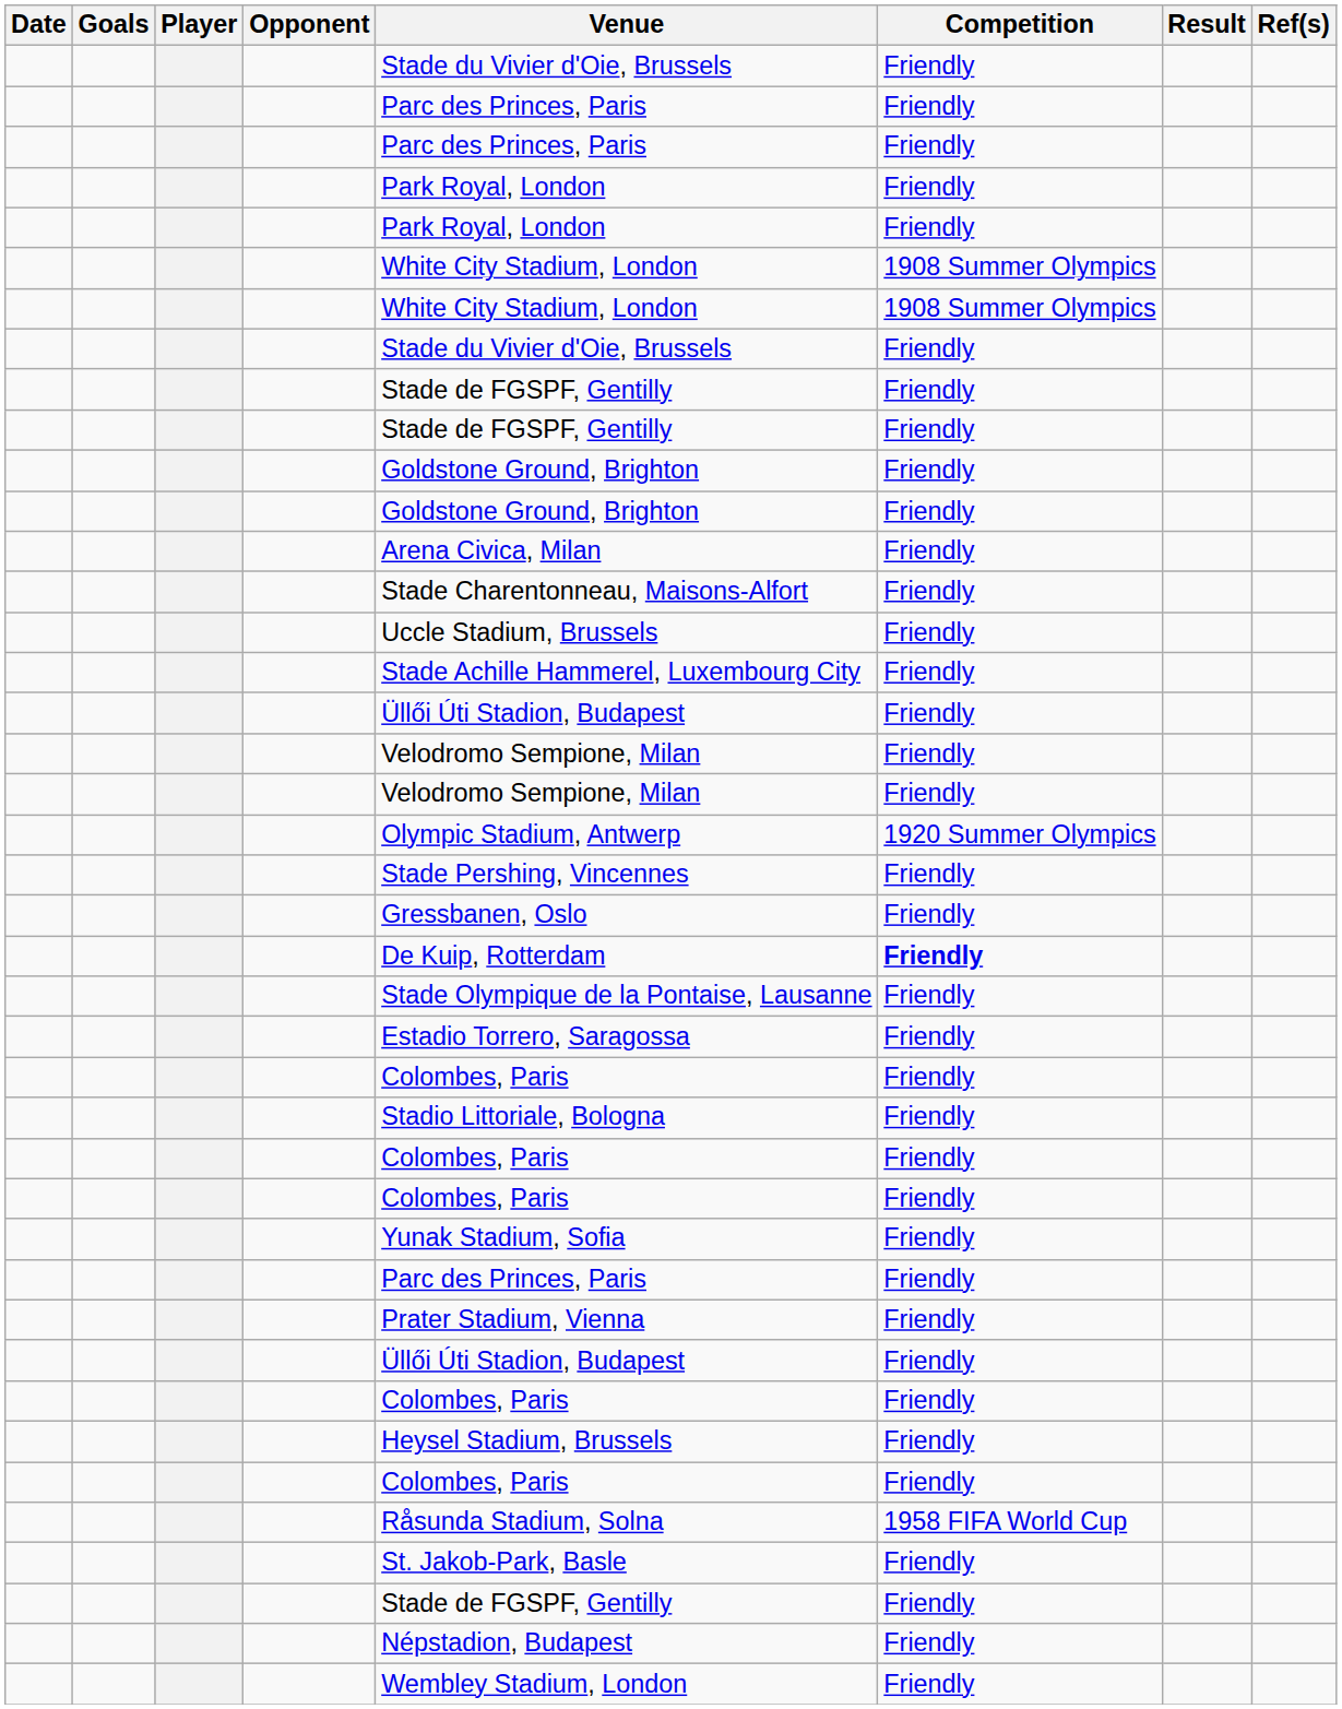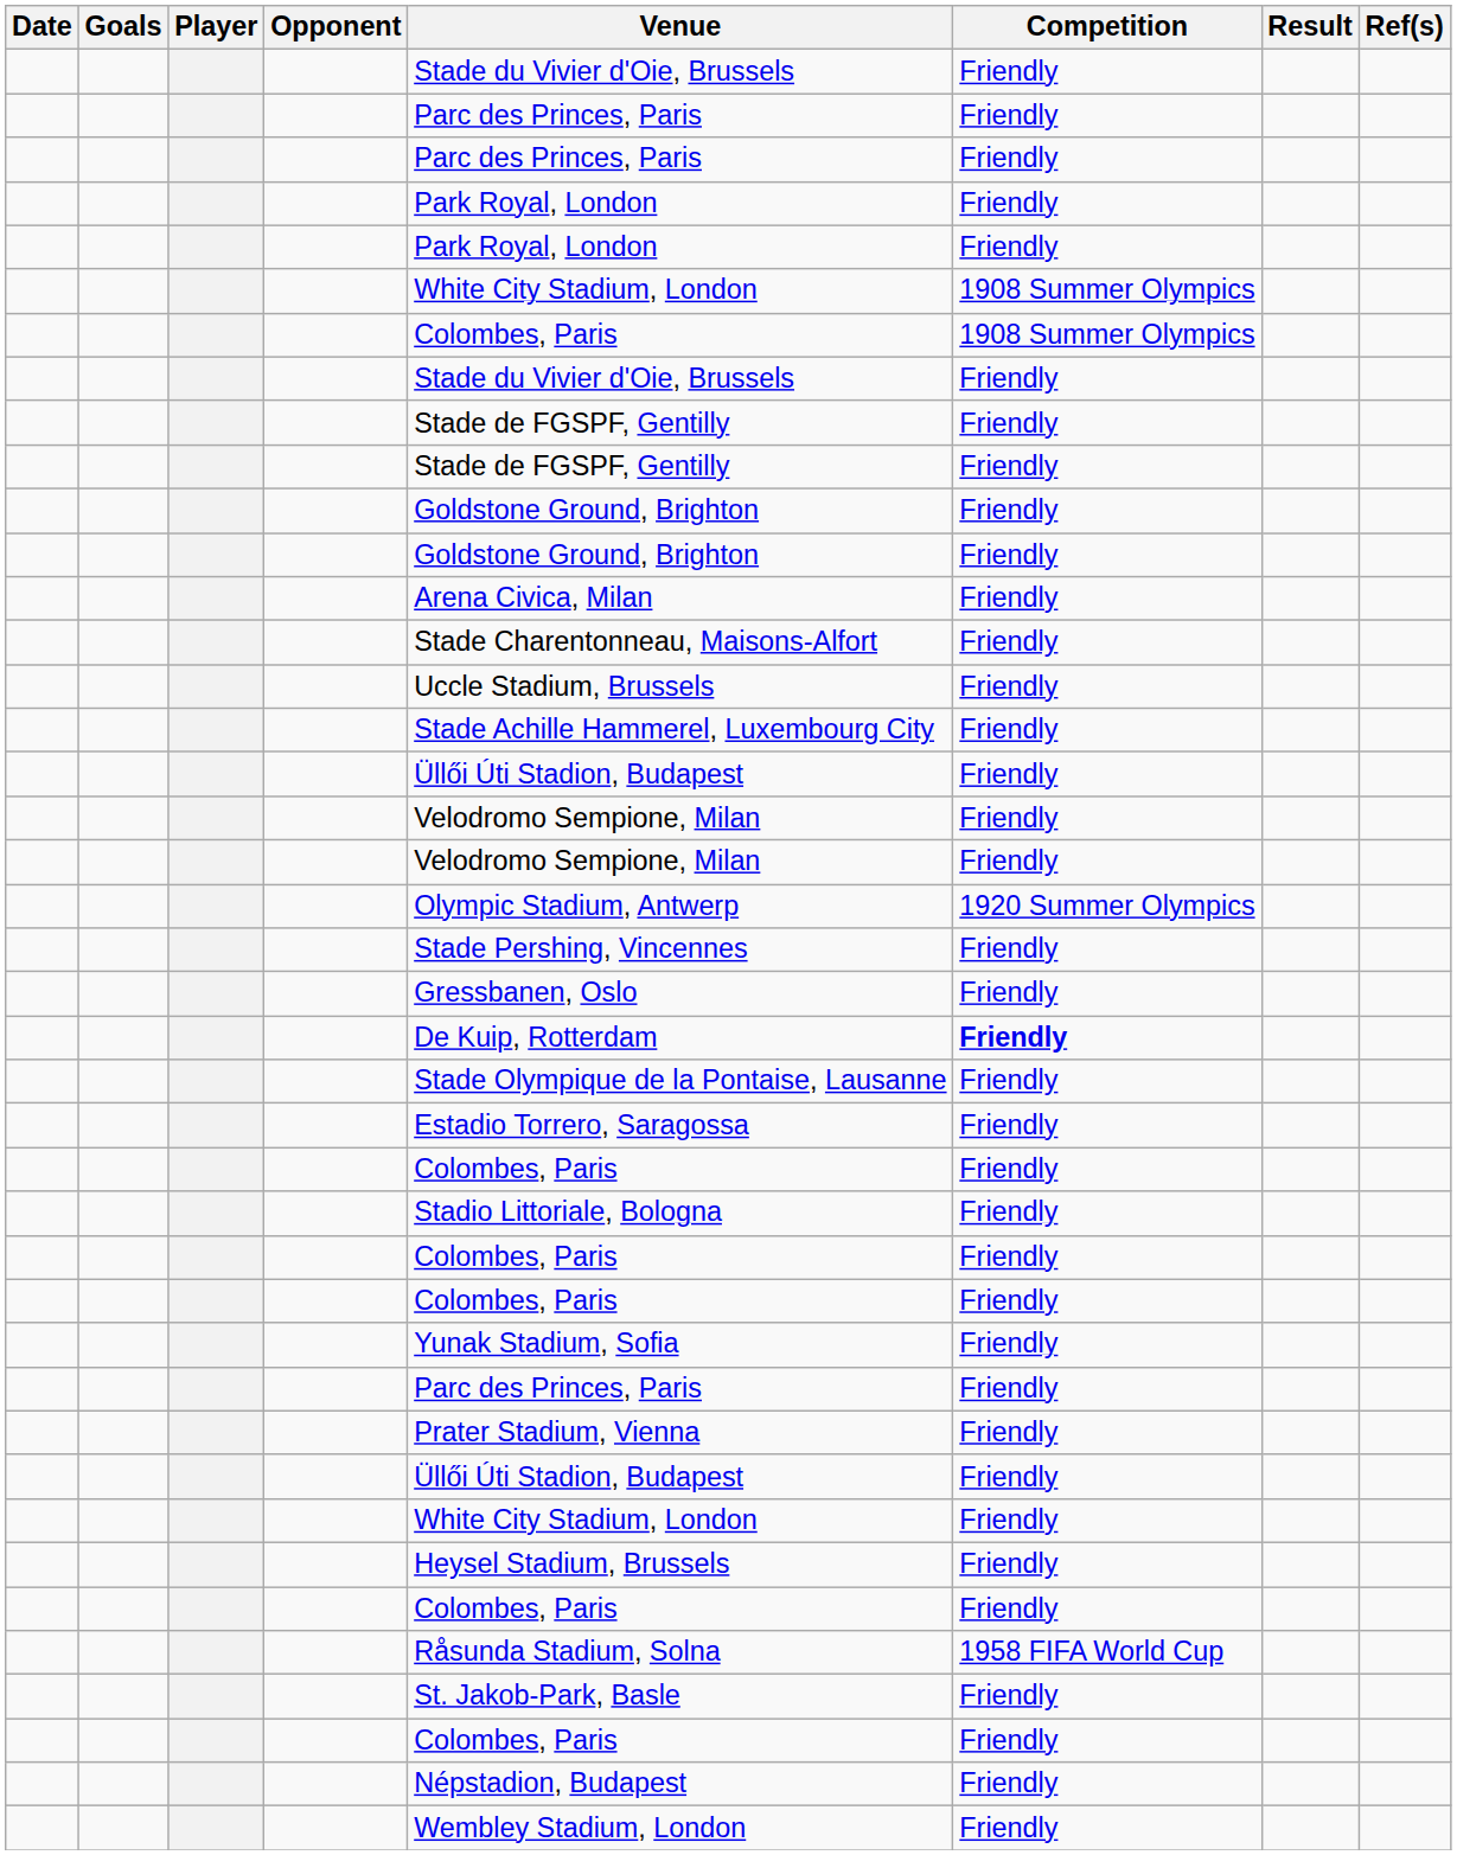 <table class="wikitable plainrowheaders sortable">
 <tr>
 <th scope="col">Date</th>
 <th scope="col">Goals</th>
 <th scope="col">Player</th>
 <th scope="col">Opponent</th>
 <th scope="col">Venue</th>
 <th scope="col">Competition</th>
 <th scope="col">Result </th>
 <th scope="col" class="unsortable">Ref(s)</th>
 </tr>
 <tr>
 <td></td>
 <td></td>
 <th scope="row"></th>
 <td></td>
 <td><a href='#'>Stade du Vivier d'Oie</a>, <a href='#'>Brussels</a></td>
 <td><a href='#'>Friendly</a></td>
 <td data-sort-value="00"></td>
 <td></td>
 </tr>
 <tr>
 <td></td>
 <td></td>
 <th scope="row"></th>
 <td></td>
 <td><a href='#'>Parc des Princes</a>, <a href='#'>Paris</a></td>
 <td><a href='#'>Friendly</a></td>
 <td data-sort-value="00.915"></td>
 <td></td>
 </tr>
 <tr>
 <td></td>
 <td></td>
 <th scope="row"></th>
 <td></td>
 <td><a href='#'>Parc des Princes</a>, <a href='#'>Paris</a></td>
 <td><a href='#'>Friendly</a></td>
 <td data-sort-value="00.915"></td>
 <td></td>
 </tr>
 <tr>
 <td></td>
 <td></td>
 <th scope="row"></th>
 <td></td>
 <td><a href='#'>Park Royal</a>, <a href='#'>London</a></td>
 <td><a href='#'>Friendly</a></td>
 <td data-sort-value="00.912"></td>
 <td></td>
 </tr>
 <tr>
 <td></td>
 <td></td>
 <th scope="row"></th>
 <td></td>
 <td><a href='#'>Park Royal</a>, <a href='#'>London</a></td>
 <td><a href='#'>Friendly</a></td>
 <td data-sort-value="00.912"></td>
 <td></td>
 </tr>
 <tr>
 <td></td>
 <td></td>
 <th scope="row"></th>
 <td></td>
 <td><a href='#'>White City Stadium</a>, <a href='#'>London</a></td>
 <td><a href='#'>1908 Summer Olympics</a></td>
 <td data-sort-value="01.917"></td>
 <td></td>
 </tr>
 <tr>
 <td></td>
 <td></td>
 <th scope="row"></th>
 <td></td>
-<td><a href='#'>White City Stadium</a>, <a href='#'>London</a></td>
+<td><a href='#'>Colombes</a>, <a href='#'>Paris</a></td>
 <td><a href='#'>1908 Summer Olympics</a></td>
 <td data-sort-value="01.917"></td>
 <td></td>
 </tr>
 <tr>
 <td></td>
 <td></td>
 <th scope="row"></th>
 <td></td>
 <td><a href='#'>Stade du Vivier d'Oie</a>, <a href='#'>Brussels</a></td>
 <td><a href='#'>Friendly</a></td>
 <td data-sort-value="02"></td>
 <td></td>
 </tr>
 <tr>
 <td></td>
 <td></td>
 <th scope="row"></th>
 <td></td>
 <td>Stade de FGSPF, <a href='#'>Gentilly</a></td>
 <td><a href='#'>Friendly</a></td>
 <td data-sort-value="00.911"></td>
 <td></td>
 </tr>
 <tr>
 <td></td>
 <td></td>
 <th scope="row"></th>
 <td></td>
 <td>Stade de FGSPF, <a href='#'>Gentilly</a></td>
 <td><a href='#'>Friendly</a></td>
 <td data-sort-value="00"></td>
 <td></td>
 </tr>
 <tr>
 <td></td>
 <td></td>
 <th scope="row"></th>
 <td></td>
 <td><a href='#'>Goldstone Ground</a>, <a href='#'>Brighton</a></td>
 <td><a href='#'>Friendly</a></td>
 <td data-sort-value="01.910"></td>
 <td></td>
 </tr>
 <tr>
 <td></td>
 <td></td>
 <th scope="row"></th>
 <td></td>
 <td><a href='#'>Goldstone Ground</a>, <a href='#'>Brighton</a></td>
 <td><a href='#'>Friendly</a></td>
 <td data-sort-value="01.910"></td>
 <td></td>
 </tr>
 <tr>
 <td></td>
 <td></td>
 <th scope="row"></th>
 <td></td>
 <td><a href='#'>Arena Civica</a>, <a href='#'>Milan</a></td>
 <td><a href='#'>Friendly</a></td>
 <td data-sort-value="02"></td>
 <td></td>
 </tr>
 <tr>
 <td></td>
 <td></td>
 <th scope="row"></th>
 <td></td>
 <td>Stade Charentonneau, <a href='#'>Maisons-Alfort</a></td>
 <td><a href='#'>Friendly</a></td>
 <td data-sort-value="00"></td>
 <td></td>
 </tr>
 <tr>
 <td></td>
 <td></td>
 <th scope="row"></th>
 <td></td>
 <td>Uccle Stadium, <a href='#'>Brussels</a></td>
 <td><a href='#'>Friendly</a></td>
 <td data-sort-value="01"></td>
 <td></td>
 </tr>
 <tr>
 <td></td>
 <td></td>
 <th scope="row"></th>
 <td></td>
 <td><a href='#'>Stade Achille Hammerel</a>, <a href='#'>Luxembourg City</a></td>
 <td><a href='#'>Friendly</a></td>
 <td data-sort-value="04"></td>
 <td></td>
 </tr>
 <tr>
 <td></td>
 <td></td>
 <th scope="row"></th>
 <td></td>
 <td><a href='#'>Üllői Úti Stadion</a>, <a href='#'>Budapest</a></td>
 <td><a href='#'>Friendly</a></td>
 <td data-sort-value="01"></td>
 <td></td>
 </tr>
 <tr>
 <td></td>
 <td></td>
 <th scope="row"></th>
 <td></td>
 <td>Velodromo Sempione, <a href='#'>Milan</a></td>
 <td><a href='#'>Friendly</a></td>
 <td data-sort-value="04"></td>
 <td></td>
 </tr>
 <tr>
 <td></td>
 <td></td>
 <th scope="row"></th>
 <td></td>
 <td>Velodromo Sempione, <a href='#'>Milan</a></td>
 <td><a href='#'>Friendly</a></td>
 <td data-sort-value="04"></td>
 <td></td>
 </tr>
 <tr>
 <td></td>
 <td></td>
 <th scope="row"></th>
 <td></td>
 <td><a href='#'>Olympic Stadium</a>, <a href='#'>Antwerp</a></td>
 <td><a href='#'>1920 Summer Olympics</a></td>
 <td data-sort-value="01"></td>
 <td></td>
 </tr>
 <tr>
 <td></td>
 <td></td>
 <th scope="row"></th>
 <td></td>
 <td><a href='#'>Stade Pershing</a>, <a href='#'>Vincennes</a></td>
 <td><a href='#'>Friendly</a></td>
 <td data-sort-value="00"></td>
 <td></td>
 </tr>
 <tr>
 <td></td>
 <td></td>
 <th scope="row"></th>
 <td></td>
 <td><a href='#'>Gressbanen</a>, <a href='#'>Oslo</a></td>
 <td><a href='#'>Friendly</a></td>
 <td data-sort-value="00"></td>
 <td></td>
 </tr>
 <tr>
 <td></td>
 <td></td>
 <th scope="row"></th>
 <td></td>
 <td><a href='#'>De Kuip</a>, <a href='#'>Rotterdam</a></td>
 <td><strong><a href='#'>Friendly</a></strong></td>
 <td data-sort-value="01.913"></td>
 <td></td>
 </tr>
 <tr>
 <td></td>
 <td></td>
 <th scope="row"></th>
 <td></td>
 <td><a href='#'>Stade Olympique de la Pontaise</a>, <a href='#'>Lausanne</a></td>
 <td><a href='#'>Friendly</a></td>
 <td data-sort-value="03"></td>
 <td></td>
 </tr>
 <tr>
 <td></td>
 <td></td>
 <th scope="row"></th>
 <td></td>
 <td><a href='#'>Estadio Torrero</a>, <a href='#'>Saragossa</a></td>
 <td><a href='#'>Friendly</a></td>
 <td data-sort-value="01"></td>
 <td></td>
 </tr>
 <tr>
 <td></td>
 <td></td>
 <th scope="row"></th>
 <td></td>
 <td><a href='#'>Colombes</a>, <a href='#'>Paris</a></td>
 <td><a href='#'>Friendly</a></td>
 <td data-sort-value="01"></td>
 <td></td>
 </tr>
 <tr>
 <td></td>
 <td></td>
 <th scope="row"></th>
 <td></td>
 <td><a href='#'>Stadio Littoriale</a>, <a href='#'>Bologna</a></td>
 <td><a href='#'>Friendly</a></td>
 <td data-sort-value="00"></td>
 <td></td>
 </tr>
 <tr>
 <td></td>
 <td></td>
 <th scope="row"></th>
 <td></td>
 <td><a href='#'>Colombes</a>, <a href='#'>Paris</a></td>
 <td><a href='#'>Friendly</a></td>
 <td data-sort-value="03"></td>
 <td></td>
 </tr>
 <tr>
 <td></td>
 <td></td>
 <th scope="row"></th>
 <td></td>
 <td><a href='#'>Colombes</a>, <a href='#'>Paris</a></td>
 <td><a href='#'>Friendly</a></td>
 <td data-sort-value="01"></td>
 <td></td>
 </tr>
 <tr>
 <td></td>
 <td></td>
 <th scope="row"></th>
 <td></td>
 <td><a href='#'>Yunak Stadium</a>, <a href='#'>Sofia</a></td>
 <td><a href='#'>Friendly</a></td>
 <td data-sort-value="05"></td>
 <td></td>
 </tr>
 <tr>
 <td></td>
 <td></td>
 <th scope="row"></th>
 <td></td>
 <td><a href='#'>Parc des Princes</a>, <a href='#'>Paris</a></td>
 <td><a href='#'>Friendly</a></td>
 <td data-sort-value="01"></td>
 <td></td>
 </tr>
 <tr>
 <td></td>
 <td></td>
 <th scope="row"></th>
 <td></td>
 <td><a href='#'>Prater Stadium</a>, <a href='#'>Vienna</a></td>
 <td><a href='#'>Friendly</a></td>
 <td data-sort-value="01"></td>
 <td></td>
 </tr>
 <tr>
 <td></td>
 <td></td>
 <th scope="row"></th>
 <td></td>
 <td><a href='#'>Üllői Úti Stadion</a>, <a href='#'>Budapest</a></td>
 <td><a href='#'>Friendly</a></td>
 <td data-sort-value="01"></td>
 <td></td>
 </tr>
 <tr>
 <td></td>
 <td></td>
 <th scope="row"></th>
 <td></td>
-<td><a href='#'>Colombes</a>, <a href='#'>Paris</a></td>
+<td><a href='#'>White City Stadium</a>, <a href='#'>London</a></td>
 <td><a href='#'>Friendly</a></td>
 <td data-sort-value="01"></td>
 <td></td>
 </tr>
 <tr>
 <td></td>
 <td></td>
 <th scope="row"></th>
 <td></td>
 <td><a href='#'>Heysel Stadium</a>, <a href='#'>Brussels</a></td>
 <td><a href='#'>Friendly</a></td>
 <td data-sort-value="01"></td>
 <td></td>
 </tr>
 <tr>
 <td></td>
 <td></td>
 <th scope="row"></th>
 <td></td>
 <td><a href='#'>Colombes</a>, <a href='#'>Paris</a></td>
 <td><a href='#'>Friendly</a></td>
 <td data-sort-value="02"></td>
 <td></td>
 </tr>
 <tr>
 <td></td>
 <td></td>
 <th scope="row"></th>
 <td></td>
 <td><a href='#'>Råsunda Stadium</a>, <a href='#'>Solna</a></td>
 <td><a href='#'>1958 FIFA World Cup</a></td>
 <td data-sort-value="02"></td>
 <td></td>
 </tr>
 <tr>
 <td></td>
 <td></td>
 <th scope="row"></th>
 <td></td>
 <td><a href='#'>St. Jakob-Park</a>, <a href='#'>Basle</a></td>
 <td><a href='#'>Friendly</a></td>
 <td data-sort-value="02"></td>
 <td></td>
 </tr>
 <tr>
 <td></td>
 <td></td>
 <th scope="row"></th>
 <td></td>
-<td>Stade de FGSPF, <a href='#'>Gentilly</a></td>
+<td><a href='#'>Colombes</a>, <a href='#'>Paris</a></td>
 <td><a href='#'>Friendly</a></td>
 <td data-sort-value="02"></td>
 <td></td>
 </tr>
 <tr>
 <td></td>
 <td></td>
 <th scope="row"></th>
 <td></td>
 <td><a href='#'>Népstadion</a>, <a href='#'>Budapest</a></td>
 <td><a href='#'>Friendly</a></td>
 <td data-sort-value="02"></td>
 <td></td>
 </tr>
 <tr>
 <td></td>
 <td></td>
 <th scope="row"></th>
 <td></td>
 <td><a href='#'>Wembley Stadium</a>, <a href='#'>London</a></td>
 <td><a href='#'>Friendly</a></td>
 <td data-sort-value="00"></td>
 <td></td>
 </tr>
 </table>
